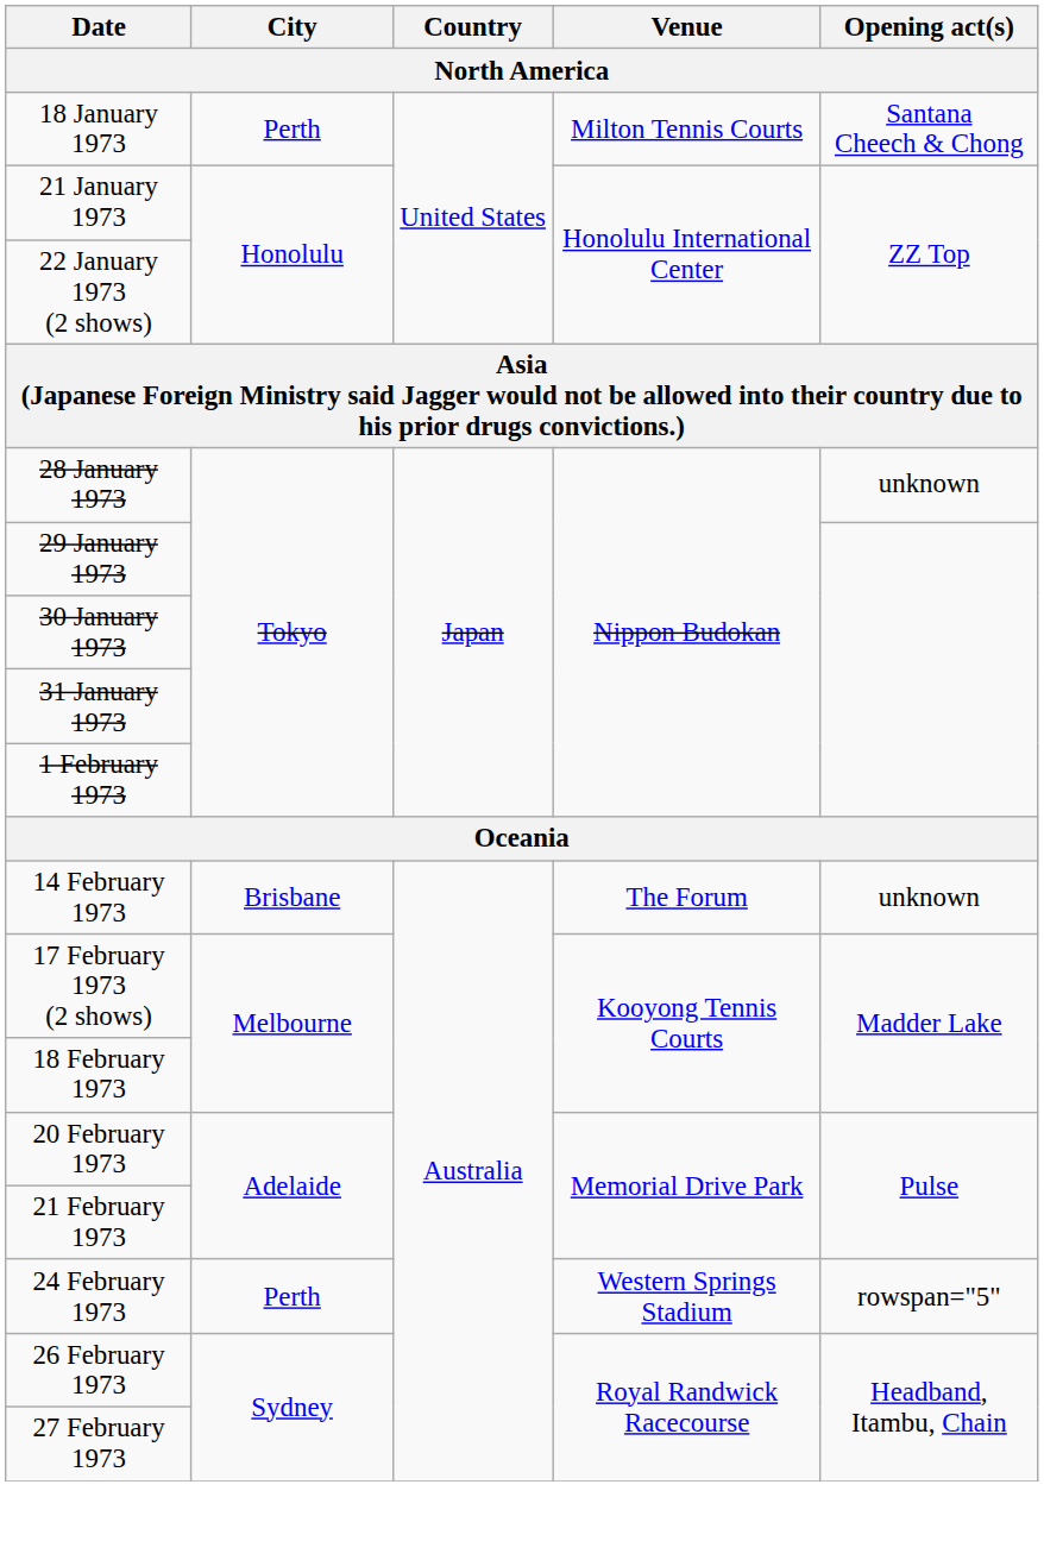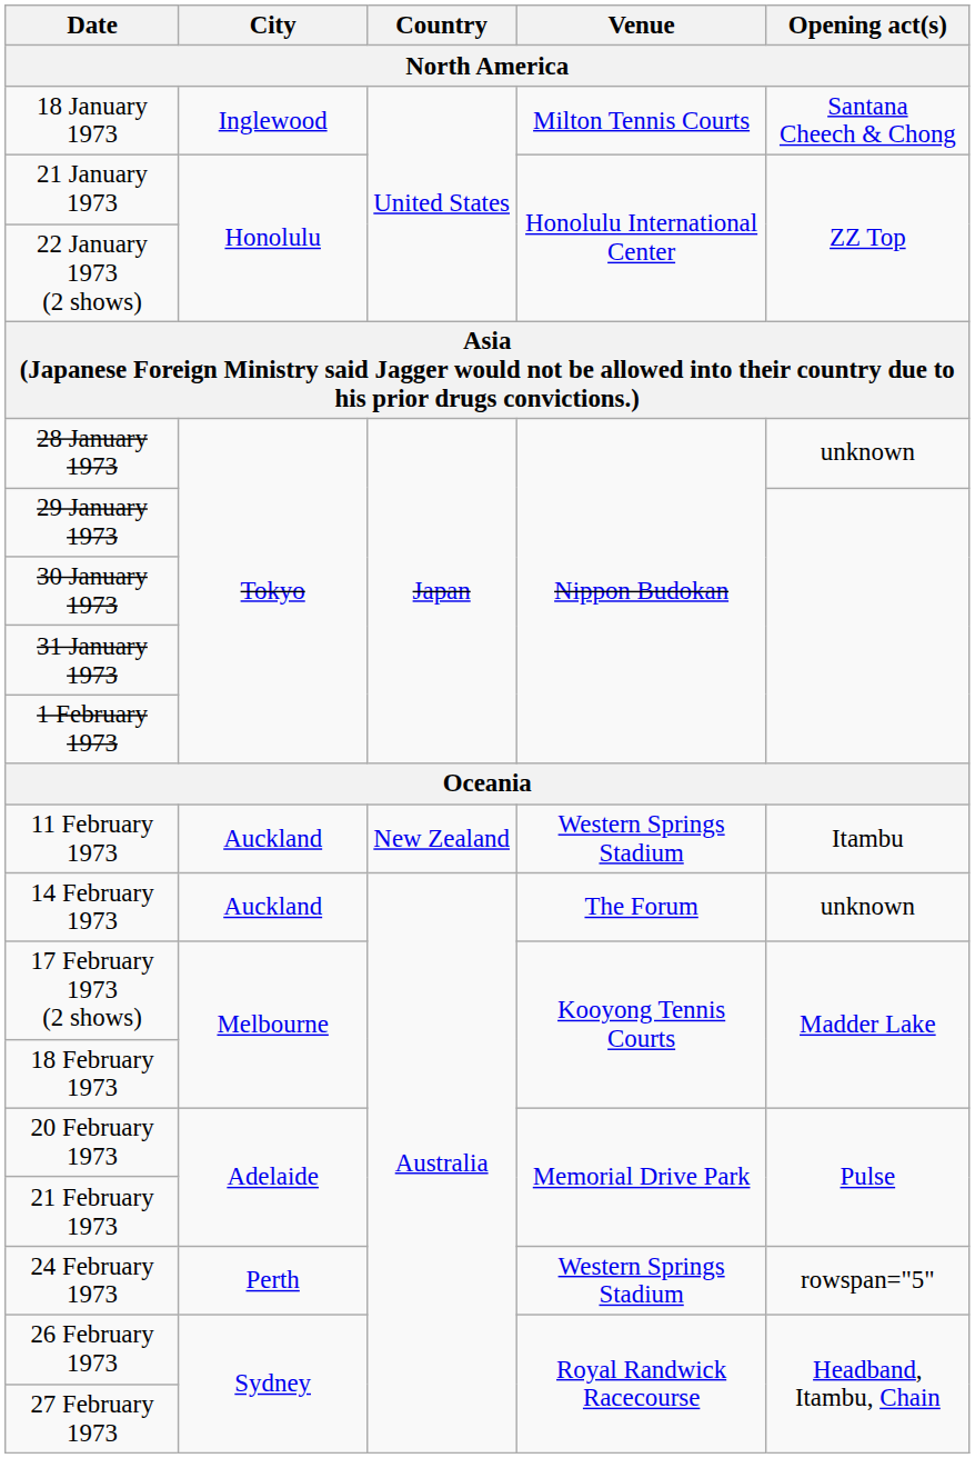 <table class="wikitable" style="text-align:center;">
 <tr>
 <th width="200">Date</th>
 <th width="200">City</th>
 <th width="150">Country</th>
 <th width="300">Venue</th>
 <th width="200">Opening act(s)</th>
 </tr>
 <tr>
 <th colspan="5">North America</th>
 </tr>
 <tr>
 <td>18 January 1973</td>
-<td><a href='#'>Perth</a></td>
+<td><a href='#'>Inglewood</a></td>
 <td rowspan="3"><a href='#'>United States</a></td>
 <td><a href='#'>Milton Tennis Courts</a></td>
 <td><a href='#'>Santana</a><br><a href='#'>Cheech & Chong</a></td>
 </tr>
 <tr>
 <td>21 January 1973</td>
 <td rowspan="2"><a href='#'>Honolulu</a></td>
 <td rowspan="2"><a href='#'>Honolulu International Center</a></td>
 <td rowspan="2"><a href='#'>ZZ Top</a></td>
 </tr>
 <tr>
 <td>22 January 1973<br>(2 shows)</td>
 </tr>
 <tr>
 <th colspan="5">Asia<br>(Japanese Foreign Ministry said Jagger would not be allowed into their country due to his prior drugs convictions.)</th>
 </tr>
 <tr>
 <td><s>28 January 1973</s></td>
 <td rowspan="5"><s><a href='#'>Tokyo</a></s></td>
 <td rowspan="5"><s><a href='#'>Japan</a></s></td>
 <td rowspan="5"><s><a href='#'>Nippon Budokan</a></s></td>
 <td>unknown</td>
 </tr>
 <tr>
 <td><s>29 January 1973</s></td>
 </tr>
 <tr>
 <td><s>30 January 1973</s></td>
 </tr>
 <tr>
 <td><s>31 January 1973</s></td>
 </tr>
 <tr>
 <td><s>1 February 1973</s></td>
 </tr>
 <tr>
 <th colspan="5">Oceania</th>
 </tr>
 <tr>
+<td>11 February 1973</td>
+<td><a href='#'>Auckland</a></td>
+<td><a href='#'>New Zealand</a></td>
+<td><a href='#'>Western Springs Stadium</a></td>
+<td>Itambu</td>
+</tr>
+<tr>
 <td>14 February 1973</td>
-<td><a href='#'>Brisbane</a></td>
+<td><a href='#'>Auckland</a></td>
 <td rowspan="8"><a href='#'>Australia</a></td>
 <td><a href='#'>The Forum</a></td>
 <td>unknown</td>
 </tr>
 <tr>
 <td>17 February 1973<br>(2 shows)</td>
 <td rowspan="2"><a href='#'>Melbourne</a></td>
 <td rowspan="2"><a href='#'>Kooyong Tennis Courts</a></td>
 <td rowspan="2"><a href='#'>Madder Lake</a></td>
 </tr>
 <tr>
 <td>18 February 1973</td>
 </tr>
 <tr>
 <td>20 February 1973</td>
 <td rowspan="2"><a href='#'>Adelaide</a></td>
 <td rowspan="2"><a href='#'>Memorial Drive Park</a></td>
 <td rowspan="2"><a href='#'>Pulse</a></td>
 </tr>
 <tr>
 <td>21 February 1973</td>
 </tr>
 <tr>
 <td>24 February 1973</td>
 <td><a href='#'>Perth</a></td>
 <td><a href='#'>Western Springs Stadium</a></td>
 <td>rowspan="5" </td>
 </tr>
 <tr>
 <td>26 February 1973</td>
 <td rowspan="2"><a href='#'>Sydney</a></td>
 <td rowspan="2"><a href='#'>Royal Randwick Racecourse</a></td>
 <td rowspan="2"><a href='#'>Headband</a>, Itambu, <a href='#'>Chain</a></td>
 </tr>
 <tr>
 <td>27 February 1973</td>
 </tr>
 </table>
